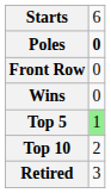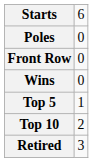 <table class="wikitable" style="text-align:center">
 <tr>
 <th>Starts</th>
 <td>6</td>
 </tr>
 <tr>
 <th>Poles</th>
-<td><strong>0</strong></td>
+<td>0</td>
 </tr>
 <tr>
 <th>Front Row</th>
 <td>0</td>
 </tr>
 <tr>
 <th>Wins</th>
 <td>0</td>
 </tr>
 <tr>
 <th>Top 5</th>
-<td style="background: lightgreen;">1</td>
+<td>1</td>
 </tr>
 <tr>
 <th>Top 10</th>
 <td>2</td>
 </tr>
 <tr>
 <th>Retired</th>
 <td>3</td>
 </tr>
 </table>
